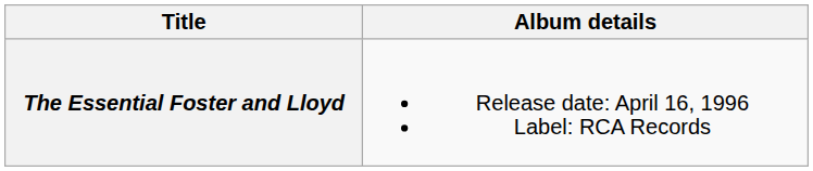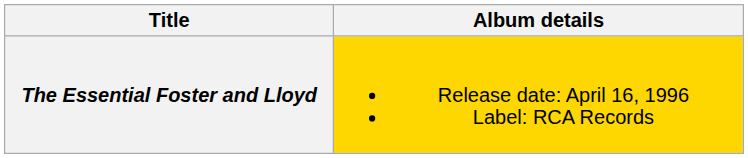 <table class="wikitable plainrowheaders" style="text-align:center;">
 <tr>
 <th style="width:16em;">Title</th>
 <th style="width:20em;">Album details</th>
 </tr>
 <tr>
 <th scope="row"><em>The Essential Foster and Lloyd</em></th>
-<td><br><ul><li>Release date: April 16, 1996</li><li>Label: RCA Records</li></ul></td>
+<td style="background: gold;"><br><ul><li>Release date: April 16, 1996</li><li>Label: RCA Records</li></ul></td>
 </tr>
 </table>
